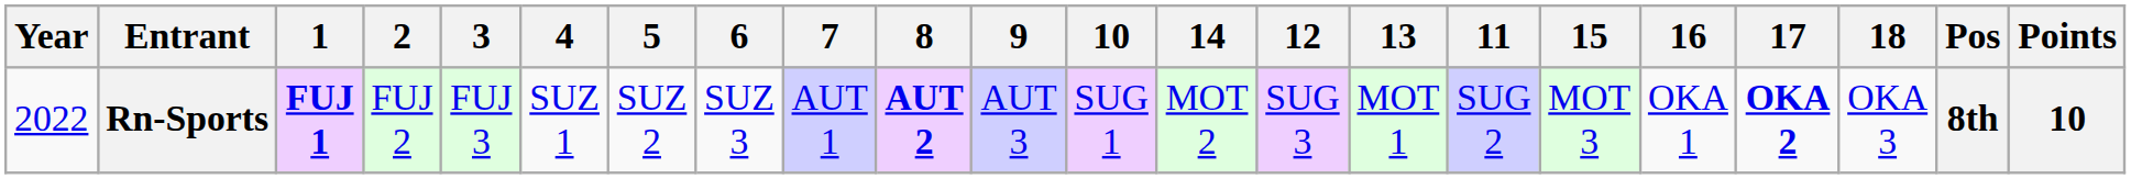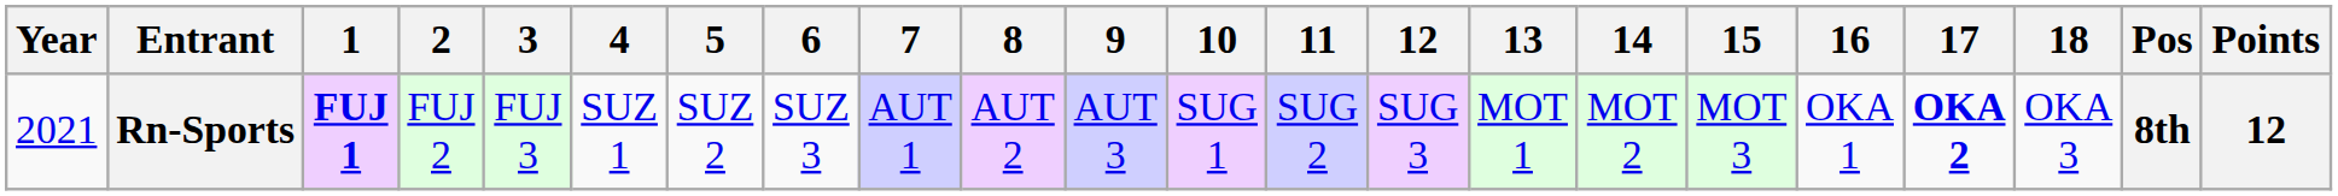 <table class="wikitable" style="text-align:center; font-size:90%">
 <tr>
 <th>Year</th>
 <th>Entrant</th>
 <th>1</th>
 <th>2</th>
 <th>3</th>
 <th>4</th>
 <th>5</th>
 <th>6</th>
 <th>7</th>
 <th>8</th>
 <th>9</th>
 <th>10</th>
-<th>14</th>
+<th>11</th>
 <th>12</th>
 <th>13</th>
-<th>11</th>
+<th>14</th>
 <th>15</th>
 <th>16</th>
 <th>17</th>
 <th>18</th>
 <th>Pos</th>
 <th>Points</th>
 </tr>
 <tr>
-<td><a href='#'>2022</a></td>
+<td><a href='#'>2021</a></td>
 <th>Rn-Sports</th>
 <td style="background:#EFCFFF"><strong><a href='#'>FUJ<br>1</a><br></strong></td>
 <td style="background:#DFFFDF"><a href='#'>FUJ<br>2</a><br></td>
 <td style="background:#DFFFDF"><a href='#'>FUJ<br>3</a><br></td>
 <td><a href='#'>SUZ<br>1</a></td>
 <td><a href='#'>SUZ<br>2</a></td>
 <td><a href='#'>SUZ<br>3</a></td>
 <td style="background:#CFCFFF"><a href='#'>AUT<br>1</a><br></td>
-<td style="background:#EFCFFF"><strong><a href='#'>AUT<br>2</a><br></strong></td>
+<td style="background:#EFCFFF"><a href='#'>AUT<br>2</a><br></td>
 <td style="background:#CFCFFF"><a href='#'>AUT<br>3</a><br></td>
 <td style="background:#EFCFFF"><a href='#'>SUG<br>1</a><br></td>
-<td style="background:#DFFFDF"><a href='#'>MOT<br>2</a><br></td>
+<td style="background:#CFCFFF"><a href='#'>SUG<br>2</a><br></td>
 <td style="background:#EFCFFF"><a href='#'>SUG<br>3</a><br></td>
 <td style="background:#DFFFDF"><a href='#'>MOT<br>1</a><br></td>
-<td style="background:#CFCFFF"><a href='#'>SUG<br>2</a><br></td>
+<td style="background:#DFFFDF"><a href='#'>MOT<br>2</a><br></td>
 <td style="background:#DFFFDF"><a href='#'>MOT<br>3</a><br></td>
 <td><a href='#'>OKA<br>1</a><br></td>
 <td><strong><a href='#'>OKA<br>2</a><br></strong></td>
 <td><a href='#'>OKA<br>3</a><br></td>
 <th>8th</th>
-<th>10</th>
+<th>12</th>
 </tr>
 </table>
